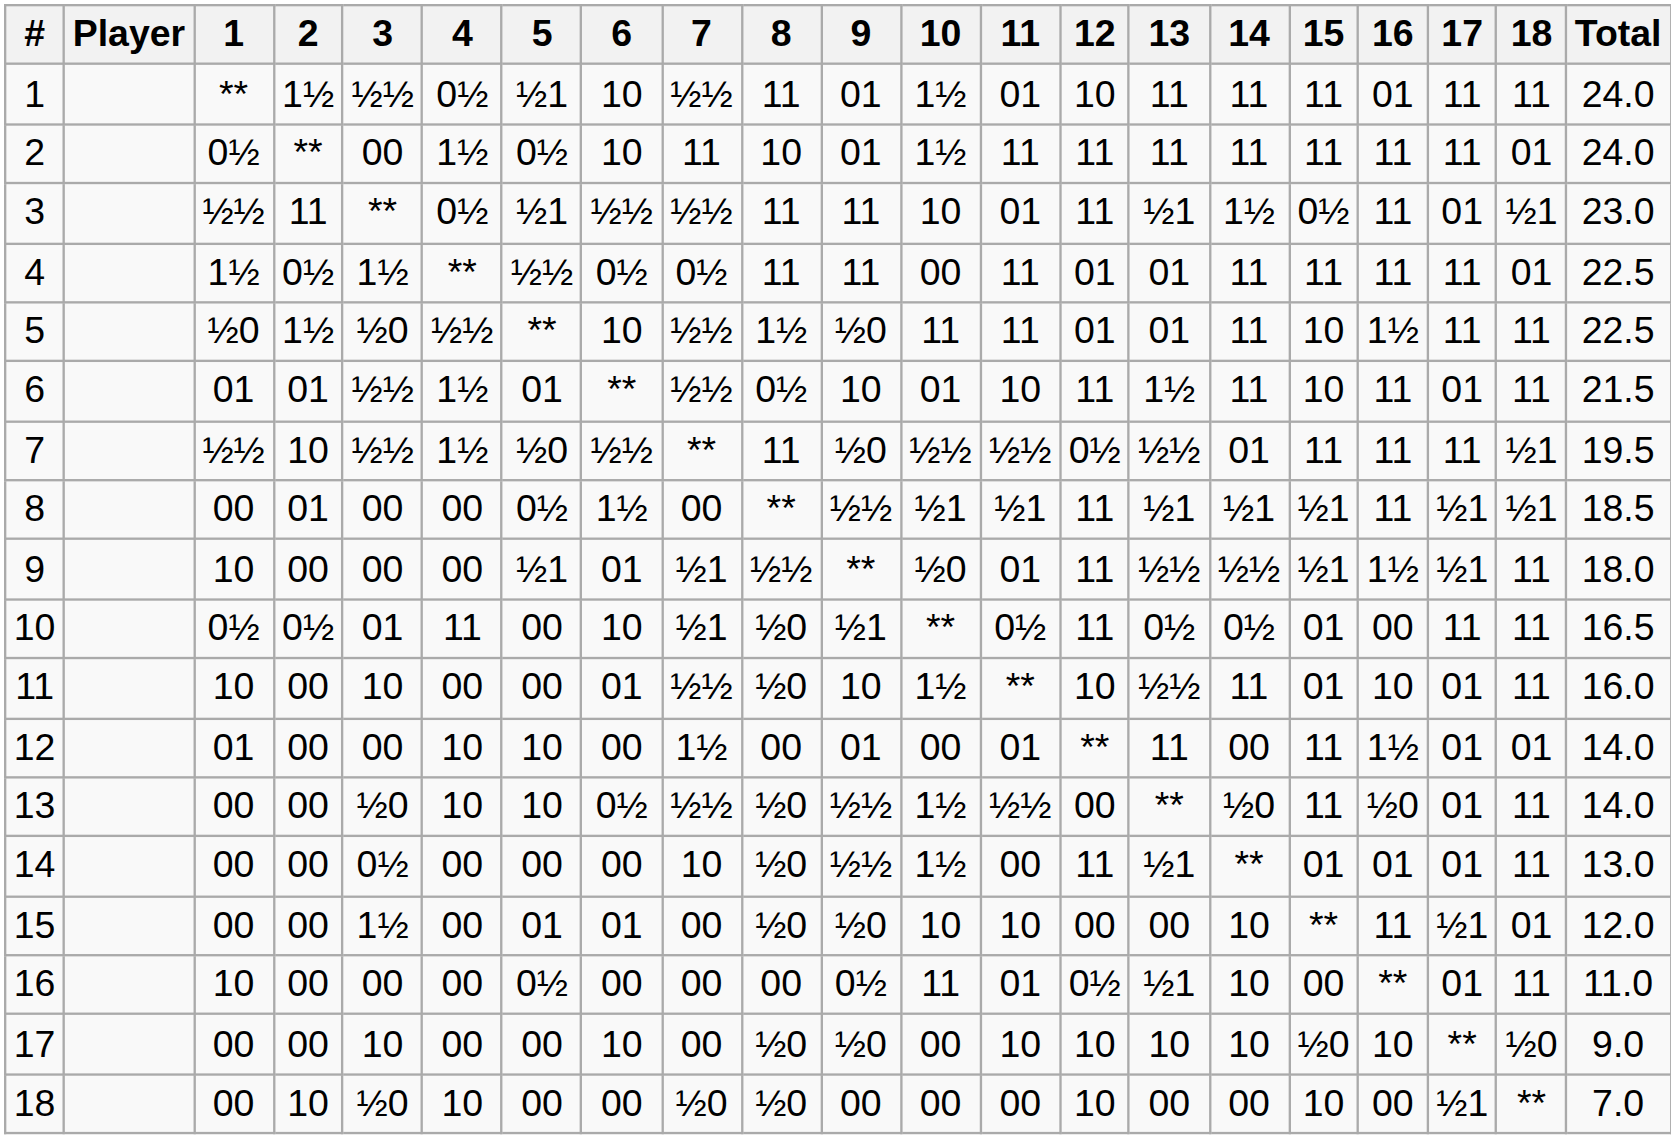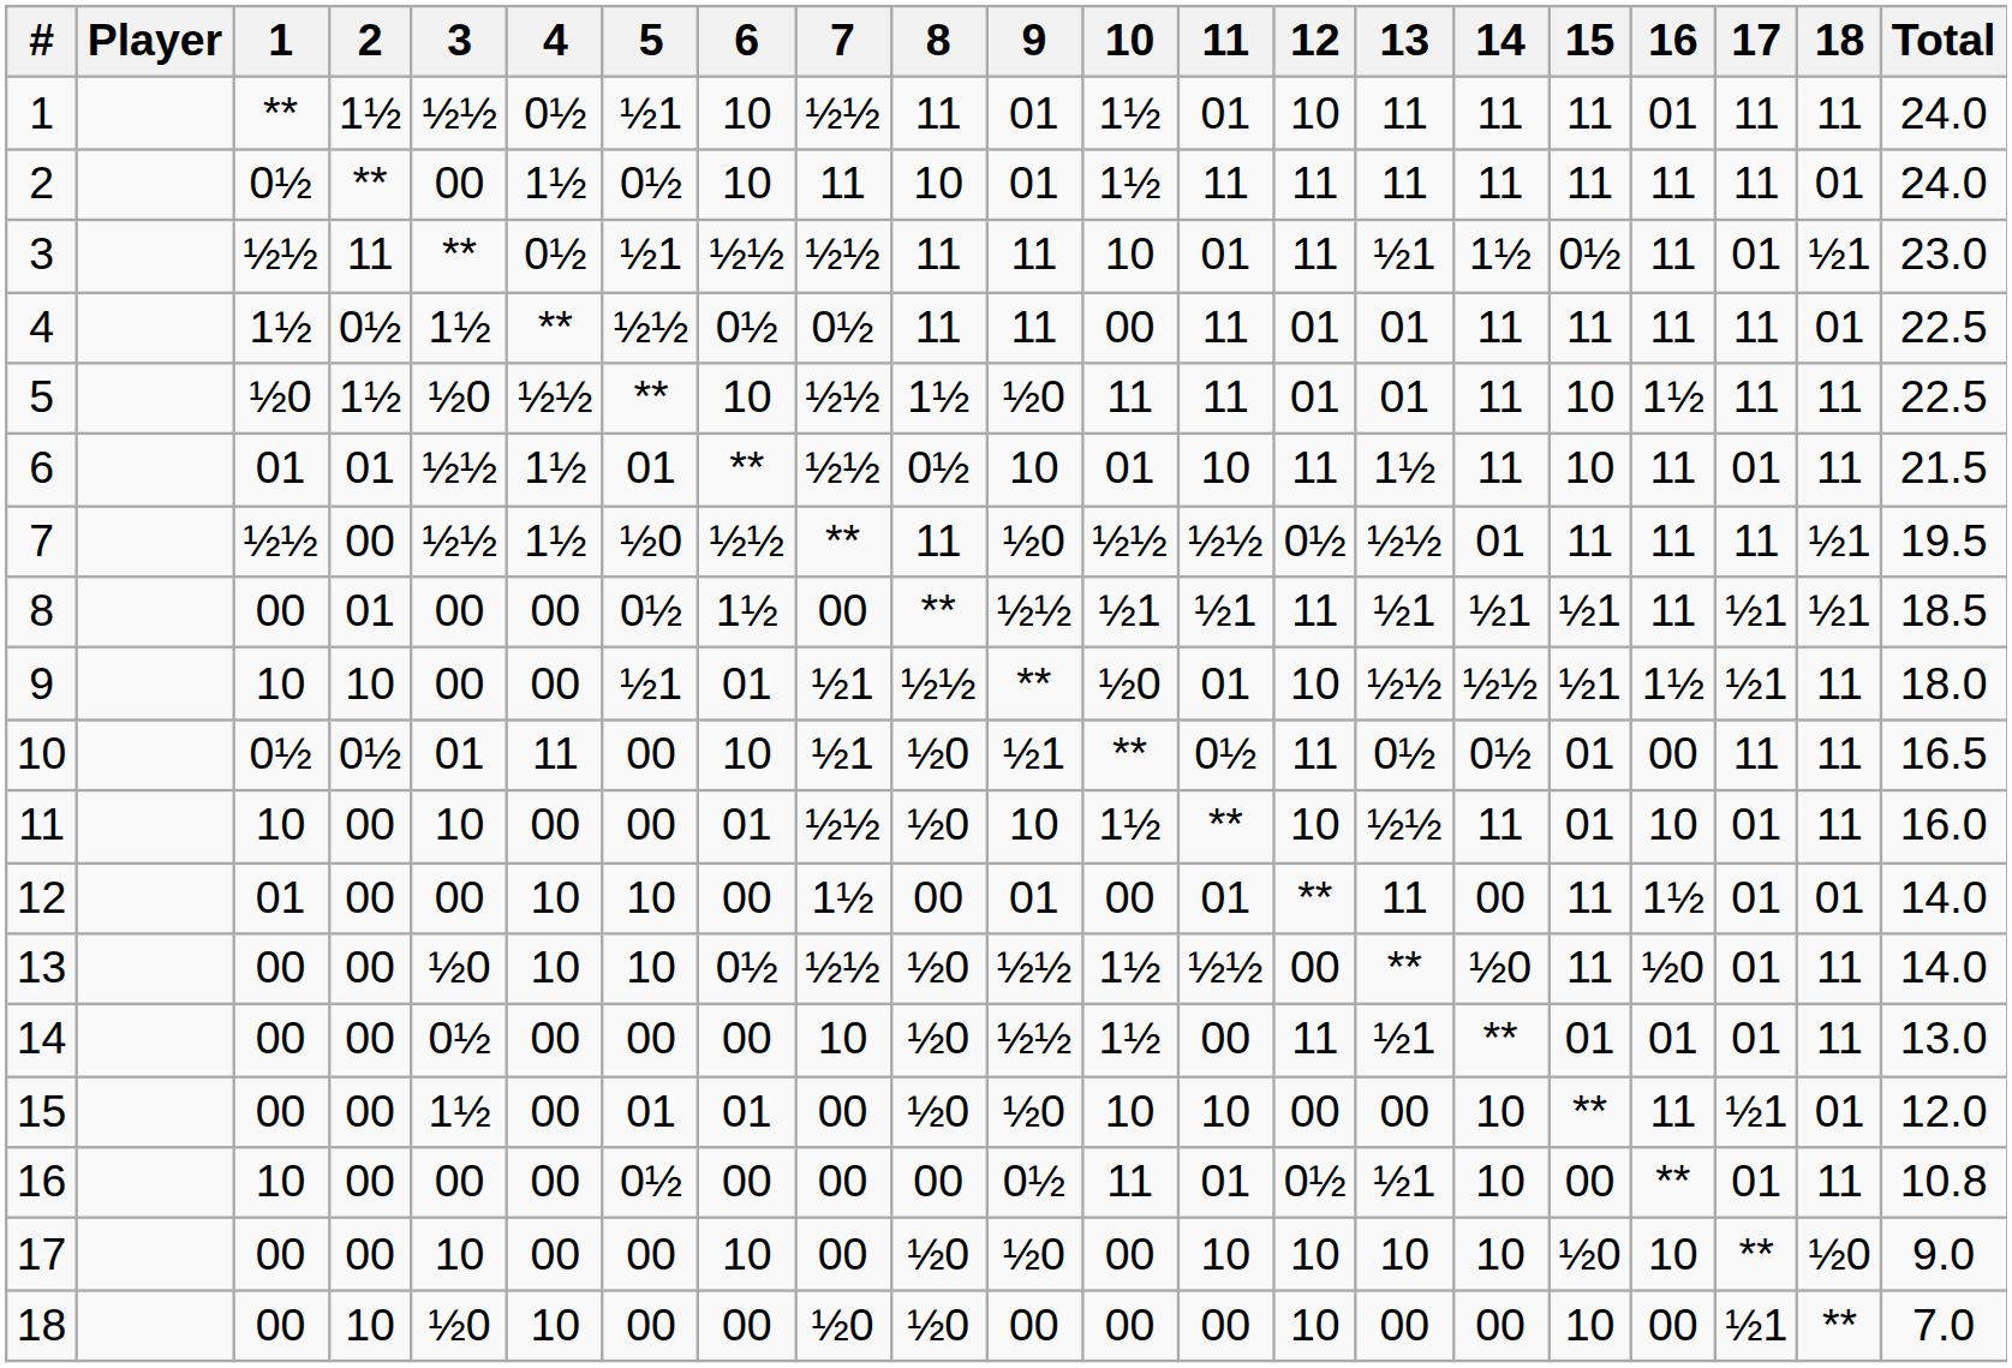 <table class="wikitable" style="text-align: center; margin: auto auto">
 <tr>
 <th>#</th>
 <th>Player</th>
 <th>1</th>
 <th>2</th>
 <th>3</th>
 <th>4</th>
 <th>5</th>
 <th>6</th>
 <th>7</th>
 <th>8</th>
 <th>9</th>
 <th>10</th>
 <th>11</th>
 <th>12</th>
 <th>13</th>
 <th>14</th>
 <th>15</th>
 <th>16</th>
 <th>17</th>
 <th>18</th>
 <th>Total</th>
 </tr>
 <tr>
 <td>1</td>
 <td align=left></td>
 <td>**</td>
 <td>1½</td>
 <td>½½</td>
 <td>0½</td>
 <td>½1</td>
 <td>10</td>
 <td>½½</td>
 <td>11</td>
 <td>01</td>
 <td>1½</td>
 <td>01</td>
 <td>10</td>
 <td>11</td>
 <td>11</td>
 <td>11</td>
 <td>01</td>
 <td>11</td>
 <td>11</td>
 <td>24.0</td>
 </tr>
 <tr>
 <td>2</td>
 <td align=left></td>
 <td>0½</td>
 <td>**</td>
 <td>00</td>
 <td>1½</td>
 <td>0½</td>
 <td>10</td>
 <td>11</td>
 <td>10</td>
 <td>01</td>
 <td>1½</td>
 <td>11</td>
 <td>11</td>
 <td>11</td>
 <td>11</td>
 <td>11</td>
 <td>11</td>
 <td>11</td>
 <td>01</td>
 <td>24.0</td>
 </tr>
 <tr>
 <td>3</td>
 <td align=left></td>
 <td>½½</td>
 <td>11</td>
 <td>**</td>
 <td>0½</td>
 <td>½1</td>
 <td>½½</td>
 <td>½½</td>
 <td>11</td>
 <td>11</td>
 <td>10</td>
 <td>01</td>
 <td>11</td>
 <td>½1</td>
 <td>1½</td>
 <td>0½</td>
 <td>11</td>
 <td>01</td>
 <td>½1</td>
 <td>23.0</td>
 </tr>
 <tr>
 <td>4</td>
 <td align=left></td>
 <td>1½</td>
 <td>0½</td>
 <td>1½</td>
 <td>**</td>
 <td>½½</td>
 <td>0½</td>
 <td>0½</td>
 <td>11</td>
 <td>11</td>
 <td>00</td>
 <td>11</td>
 <td>01</td>
 <td>01</td>
 <td>11</td>
 <td>11</td>
 <td>11</td>
 <td>11</td>
 <td>01</td>
 <td>22.5</td>
 </tr>
 <tr>
 <td>5</td>
 <td align=left></td>
 <td>½0</td>
 <td>1½</td>
 <td>½0</td>
 <td>½½</td>
 <td>**</td>
 <td>10</td>
 <td>½½</td>
 <td>1½</td>
 <td>½0</td>
 <td>11</td>
 <td>11</td>
 <td>01</td>
 <td>01</td>
 <td>11</td>
 <td>10</td>
 <td>1½</td>
 <td>11</td>
 <td>11</td>
 <td>22.5</td>
 </tr>
 <tr>
 <td>6</td>
 <td align=left></td>
 <td>01</td>
 <td>01</td>
 <td>½½</td>
 <td>1½</td>
 <td>01</td>
 <td>**</td>
 <td>½½</td>
 <td>0½</td>
 <td>10</td>
 <td>01</td>
 <td>10</td>
 <td>11</td>
 <td>1½</td>
 <td>11</td>
 <td>10</td>
 <td>11</td>
 <td>01</td>
 <td>11</td>
 <td>21.5</td>
 </tr>
 <tr>
 <td>7</td>
 <td align=left></td>
 <td>½½</td>
-<td>10</td>
+<td>00</td>
 <td>½½</td>
 <td>1½</td>
 <td>½0</td>
 <td>½½</td>
 <td>**</td>
 <td>11</td>
 <td>½0</td>
 <td>½½</td>
 <td>½½</td>
 <td>0½</td>
 <td>½½</td>
 <td>01</td>
 <td>11</td>
 <td>11</td>
 <td>11</td>
 <td>½1</td>
 <td>19.5</td>
 </tr>
 <tr>
 <td>8</td>
 <td align=left></td>
 <td>00</td>
 <td>01</td>
 <td>00</td>
 <td>00</td>
 <td>0½</td>
 <td>1½</td>
 <td>00</td>
 <td>**</td>
 <td>½½</td>
 <td>½1</td>
 <td>½1</td>
 <td>11</td>
 <td>½1</td>
 <td>½1</td>
 <td>½1</td>
 <td>11</td>
 <td>½1</td>
 <td>½1</td>
 <td>18.5</td>
 </tr>
 <tr>
 <td>9</td>
 <td align=left></td>
 <td>10</td>
-<td>00</td>
+<td>10</td>
 <td>00</td>
 <td>00</td>
 <td>½1</td>
 <td>01</td>
 <td>½1</td>
 <td>½½</td>
 <td>**</td>
 <td>½0</td>
 <td>01</td>
-<td>11</td>
+<td>10</td>
 <td>½½</td>
 <td>½½</td>
 <td>½1</td>
 <td>1½</td>
 <td>½1</td>
 <td>11</td>
 <td>18.0</td>
 </tr>
 <tr>
 <td>10</td>
 <td align=left></td>
 <td>0½</td>
 <td>0½</td>
 <td>01</td>
 <td>11</td>
 <td>00</td>
 <td>10</td>
 <td>½1</td>
 <td>½0</td>
 <td>½1</td>
 <td>**</td>
 <td>0½</td>
 <td>11</td>
 <td>0½</td>
 <td>0½</td>
 <td>01</td>
 <td>00</td>
 <td>11</td>
 <td>11</td>
 <td>16.5</td>
 </tr>
 <tr>
 <td>11</td>
 <td align=left></td>
 <td>10</td>
 <td>00</td>
 <td>10</td>
 <td>00</td>
 <td>00</td>
 <td>01</td>
 <td>½½</td>
 <td>½0</td>
 <td>10</td>
 <td>1½</td>
 <td>**</td>
 <td>10</td>
 <td>½½</td>
 <td>11</td>
 <td>01</td>
 <td>10</td>
 <td>01</td>
 <td>11</td>
 <td>16.0</td>
 </tr>
 <tr>
 <td>12</td>
 <td align=left></td>
 <td>01</td>
 <td>00</td>
 <td>00</td>
 <td>10</td>
 <td>10</td>
 <td>00</td>
 <td>1½</td>
 <td>00</td>
 <td>01</td>
 <td>00</td>
 <td>01</td>
 <td>**</td>
 <td>11</td>
 <td>00</td>
 <td>11</td>
 <td>1½</td>
 <td>01</td>
 <td>01</td>
 <td>14.0</td>
 </tr>
 <tr>
 <td>13</td>
 <td align=left></td>
 <td>00</td>
 <td>00</td>
 <td>½0</td>
 <td>10</td>
 <td>10</td>
 <td>0½</td>
 <td>½½</td>
 <td>½0</td>
 <td>½½</td>
 <td>1½</td>
 <td>½½</td>
 <td>00</td>
 <td>**</td>
 <td>½0</td>
 <td>11</td>
 <td>½0</td>
 <td>01</td>
 <td>11</td>
 <td>14.0</td>
 </tr>
 <tr>
 <td>14</td>
 <td align=left></td>
 <td>00</td>
 <td>00</td>
 <td>0½</td>
 <td>00</td>
 <td>00</td>
 <td>00</td>
 <td>10</td>
 <td>½0</td>
 <td>½½</td>
 <td>1½</td>
 <td>00</td>
 <td>11</td>
 <td>½1</td>
 <td>**</td>
 <td>01</td>
 <td>01</td>
 <td>01</td>
 <td>11</td>
 <td>13.0</td>
 </tr>
 <tr>
 <td>15</td>
 <td align=left></td>
 <td>00</td>
 <td>00</td>
 <td>1½</td>
 <td>00</td>
 <td>01</td>
 <td>01</td>
 <td>00</td>
 <td>½0</td>
 <td>½0</td>
 <td>10</td>
 <td>10</td>
 <td>00</td>
 <td>00</td>
 <td>10</td>
 <td>**</td>
 <td>11</td>
 <td>½1</td>
 <td>01</td>
 <td>12.0</td>
 </tr>
 <tr>
 <td>16</td>
 <td align=left></td>
 <td>10</td>
 <td>00</td>
 <td>00</td>
 <td>00</td>
 <td>0½</td>
 <td>00</td>
 <td>00</td>
 <td>00</td>
 <td>0½</td>
 <td>11</td>
 <td>01</td>
 <td>0½</td>
 <td>½1</td>
 <td>10</td>
 <td>00</td>
 <td>**</td>
 <td>01</td>
 <td>11</td>
-<td>11.0</td>
+<td>10.8</td>
 </tr>
 <tr>
 <td>17</td>
 <td align=left></td>
 <td>00</td>
 <td>00</td>
 <td>10</td>
 <td>00</td>
 <td>00</td>
 <td>10</td>
 <td>00</td>
 <td>½0</td>
 <td>½0</td>
 <td>00</td>
 <td>10</td>
 <td>10</td>
 <td>10</td>
 <td>10</td>
 <td>½0</td>
 <td>10</td>
 <td>**</td>
 <td>½0</td>
 <td>9.0</td>
 </tr>
 <tr>
 <td>18</td>
 <td align=left></td>
 <td>00</td>
 <td>10</td>
 <td>½0</td>
 <td>10</td>
 <td>00</td>
 <td>00</td>
 <td>½0</td>
 <td>½0</td>
 <td>00</td>
 <td>00</td>
 <td>00</td>
 <td>10</td>
 <td>00</td>
 <td>00</td>
 <td>10</td>
 <td>00</td>
 <td>½1</td>
 <td>**</td>
 <td>7.0</td>
 </tr>
 </table>
